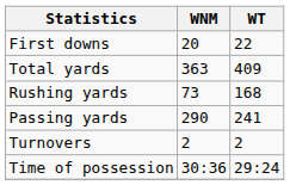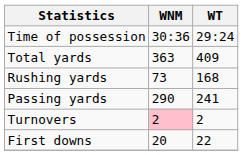 <table class="wikitable" style="float: left;">
 <tr>
 <th>Statistics</th>
 <th>WNM</th>
 <th>WT</th>
 </tr>
 <tr>
-<td>First downs</td>
-<td>20</td>
-<td>22</td>
+<td>Time of possession</td>
+<td>30:36</td>
+<td>29:24</td>
 </tr>
 <tr>
 <td>Total yards</td>
 <td>363</td>
 <td>409</td>
 </tr>
 <tr>
 <td>Rushing yards</td>
 <td>73</td>
 <td>168</td>
 </tr>
 <tr>
 <td>Passing yards</td>
 <td>290</td>
 <td>241</td>
 </tr>
 <tr>
 <td>Turnovers</td>
-<td>2</td>
+<td style="background: pink;">2</td>
 <td>2</td>
 </tr>
 <tr>
-<td>Time of possession</td>
-<td>30:36</td>
-<td>29:24</td>
+<td>First downs</td>
+<td>20</td>
+<td>22</td>
 </tr>
 <tr>
 </tr>
 </table>
